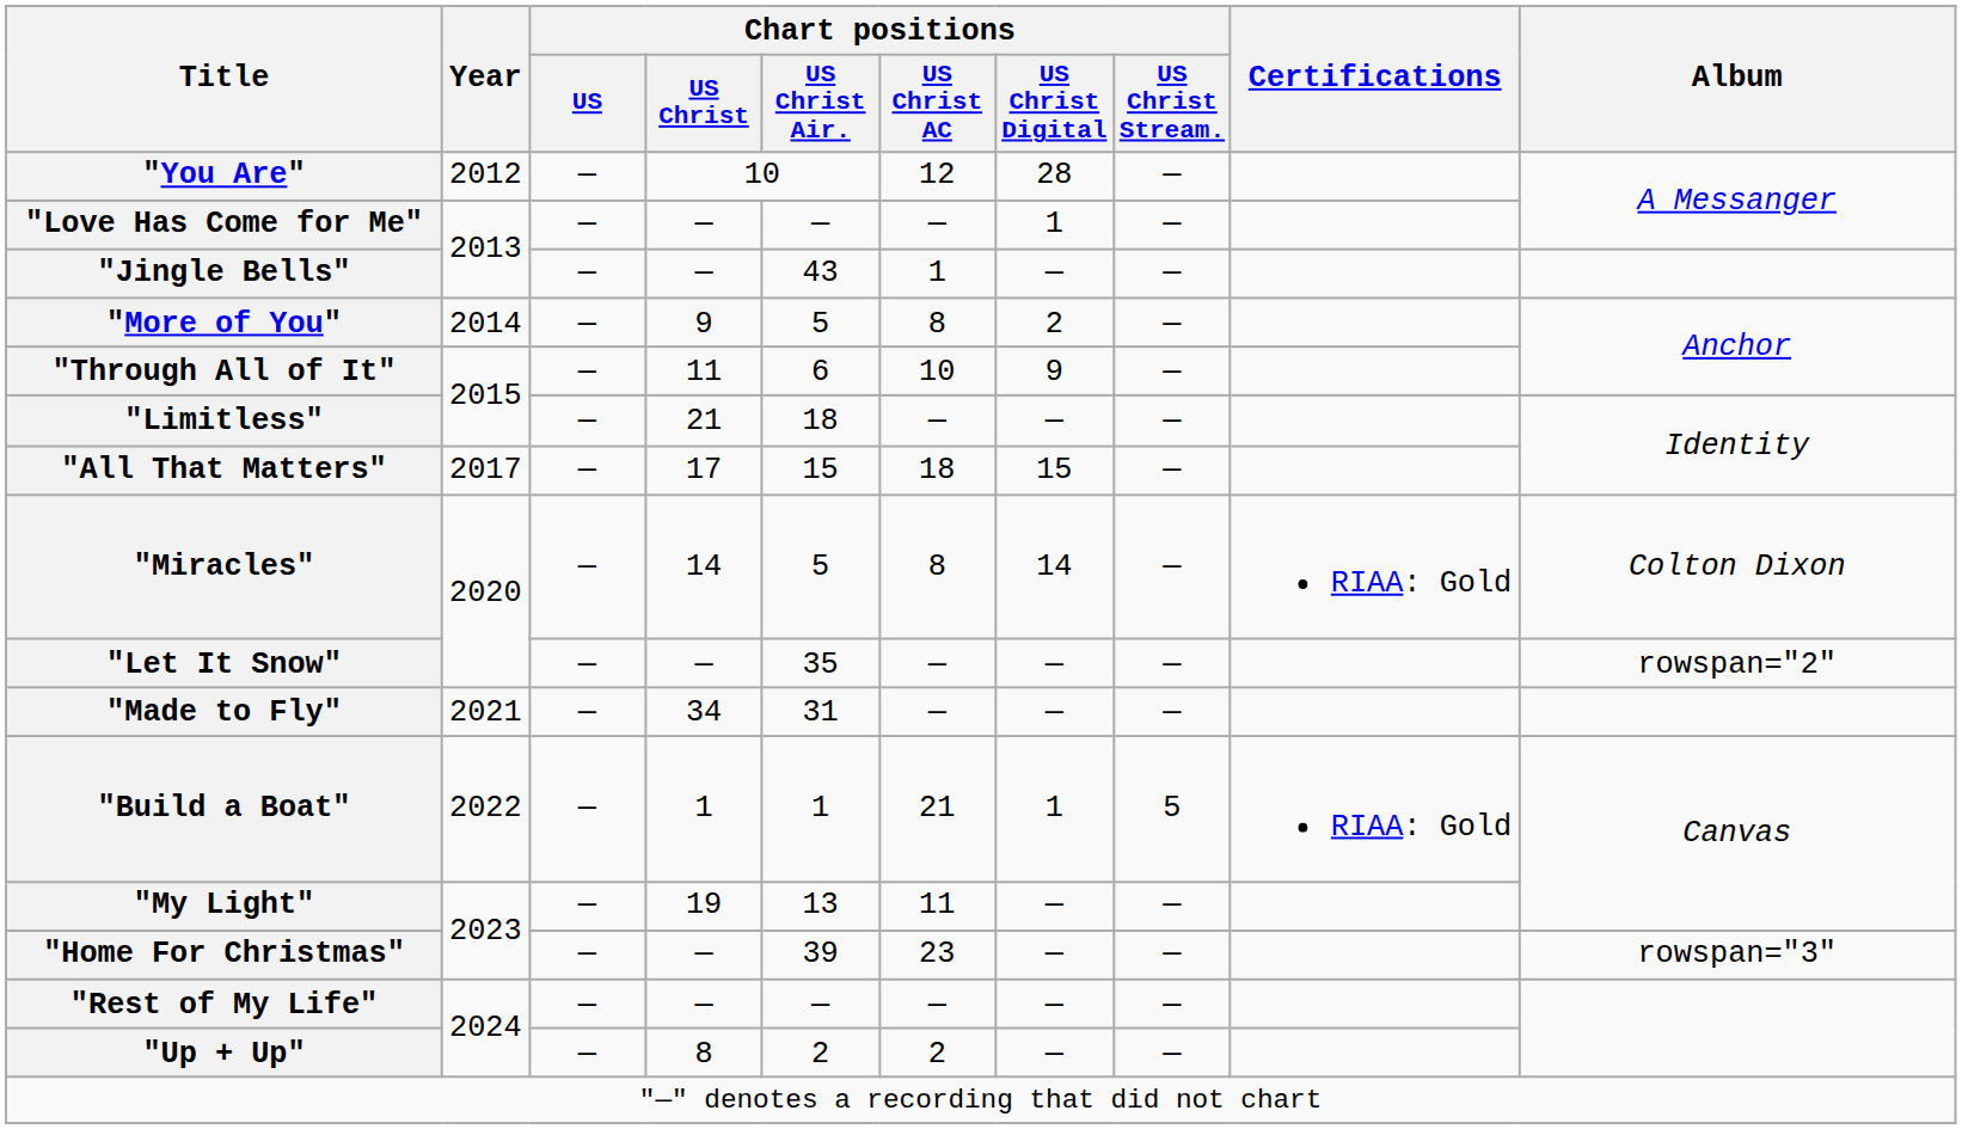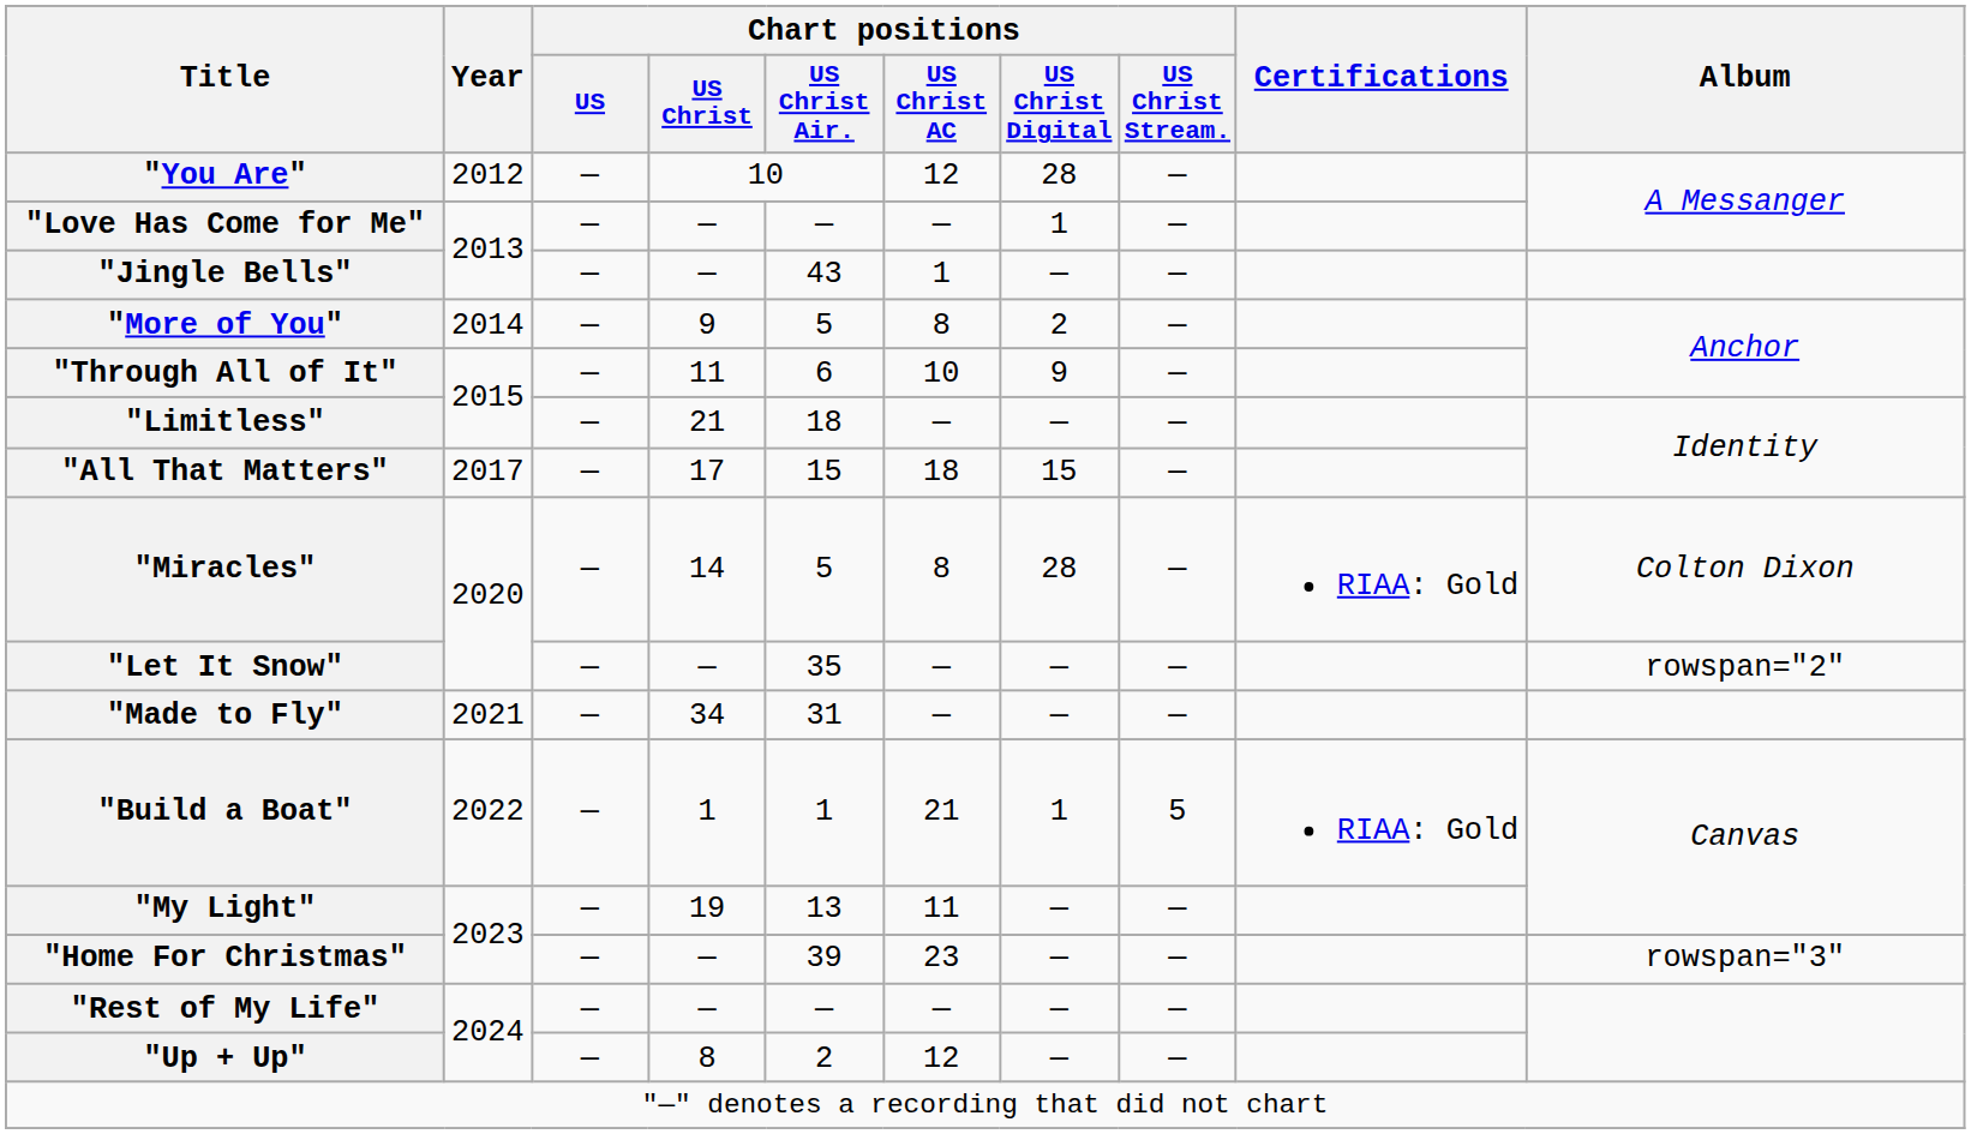 <table class="wikitable plainrowheaders" style="text-align:center;">
 <tr>
 <th rowspan="2" scope="col" style="width:14em;">Title</th>
 <th rowspan="2" scope="col">Year</th>
 <th colspan="6" scope="col">Chart positions</th>
 <th rowspan="2" scope="col"><a href='#'>Certifications</a></th>
 <th rowspan="2" scope="col" style="width:14em;">Album</th>
 </tr>
 <tr style="font-size:smaller;">
 <th scope="col" width="45"><a href='#'>US</a><br></th>
 <th scope="col" width="45"><a href='#'>US<br>Christ</a><br></th>
 <th scope="col" width="45"><a href='#'>US<br>Christ Air.</a><br></th>
 <th scope="col" width="45"><a href='#'>US<br>Christ AC</a><br></th>
 <th scope="col" width="45"><a href='#'>US<br>Christ<br>Digital</a><br></th>
 <th scope="col" width="45"><a href='#'>US<br>Christ<br>Stream.</a><br></th>
 </tr>
 <tr>
 <th scope="row">"<a href='#'>You Are</a>"</th>
 <td>2012</td>
 <td>—</td>
 <td colspan="2">10</td>
 <td>12</td>
 <td>28</td>
 <td>—</td>
 <td></td>
 <td rowspan="2"><a href='#'><em>A Messanger</em></a></td>
 </tr>
 <tr>
 <th scope="row">"Love Has Come for Me"</th>
 <td rowspan="2">2013</td>
 <td>—</td>
 <td>—</td>
 <td>—</td>
 <td>—</td>
 <td>1</td>
 <td>—</td>
 <td></td>
 </tr>
 <tr>
 <th scope="row">"Jingle Bells"</th>
 <td>—</td>
 <td>—</td>
 <td>43</td>
 <td>1</td>
 <td>—</td>
 <td>—</td>
 <td></td>
 <td></td>
 </tr>
 <tr>
 <th scope="row">"<a href='#'>More of You</a>"</th>
 <td>2014</td>
 <td>—</td>
 <td>9</td>
 <td>5</td>
 <td>8</td>
 <td>2</td>
 <td>—</td>
 <td></td>
 <td rowspan="2"><em><a href='#'>Anchor</a></em></td>
 </tr>
 <tr>
 <th scope="row">"Through All of It"</th>
 <td rowspan="2">2015</td>
 <td>—</td>
 <td>11</td>
 <td>6</td>
 <td>10</td>
 <td>9</td>
 <td>—</td>
 <td></td>
 </tr>
 <tr>
 <th scope="row">"Limitless"</th>
 <td>—</td>
 <td>21</td>
 <td>18</td>
 <td>—</td>
 <td>—</td>
 <td>—</td>
 <td></td>
 <td rowspan="2"><em>Identity</em></td>
 </tr>
 <tr>
 <th scope="row">"All That Matters"</th>
 <td>2017</td>
 <td>—</td>
 <td>17</td>
 <td>15</td>
 <td>18</td>
 <td>15</td>
 <td>—</td>
 <td></td>
 </tr>
 <tr>
 <th scope="row">"Miracles"</th>
 <td rowspan="2">2020</td>
 <td>—</td>
 <td>14</td>
 <td>5</td>
 <td>8</td>
-<td>14</td>
+<td>28</td>
 <td>—</td>
 <td><br><ul><li><a href='#'>RIAA</a>: Gold</li></ul></td>
 <td><em>Colton Dixon</em></td>
 </tr>
 <tr>
 <th scope="row">"Let It Snow"</th>
 <td>—</td>
 <td>—</td>
 <td>35</td>
 <td>—</td>
 <td>—</td>
 <td>—</td>
 <td></td>
 <td>rowspan="2" </td>
 </tr>
 <tr>
 <th scope="row">"Made to Fly"</th>
 <td>2021</td>
 <td>—</td>
 <td>34</td>
 <td>31</td>
 <td>—</td>
 <td>—</td>
 <td>—</td>
 <td></td>
 </tr>
 <tr>
 <th scope="row">"Build a Boat"</th>
 <td>2022</td>
 <td>—</td>
 <td>1</td>
 <td>1</td>
 <td>21</td>
 <td>1</td>
 <td>5</td>
 <td><br><ul><li><a href='#'>RIAA</a>: Gold</li></ul></td>
 <td rowspan="2"><em>Canvas</em></td>
 </tr>
 <tr>
 <th scope="row">"My Light"</th>
 <td rowspan="2">2023</td>
 <td>—</td>
 <td>19</td>
 <td>13</td>
 <td>11</td>
 <td>—</td>
 <td>—</td>
 <td></td>
 </tr>
 <tr>
 <th scope="row">"Home For Christmas"</th>
 <td>—</td>
 <td>—</td>
 <td>39</td>
 <td>23</td>
 <td>—</td>
 <td>—</td>
 <td></td>
 <td>rowspan="3" </td>
 </tr>
 <tr>
 <th scope="row">"Rest of My Life"</th>
 <td rowspan="2">2024</td>
 <td>—</td>
 <td>—</td>
 <td>—</td>
 <td>—</td>
 <td>—</td>
 <td>—</td>
 <td></td>
 </tr>
 <tr>
 <th scope="row">"Up + Up"</th>
 <td>—</td>
 <td>8</td>
 <td>2</td>
-<td>2</td>
+<td>12</td>
 <td>—</td>
 <td>—</td>
 <td></td>
 </tr>
 <tr>
 <td colspan="10" style="font-size:90%">"—" denotes a recording that did not chart</td>
 </tr>
 </table>
